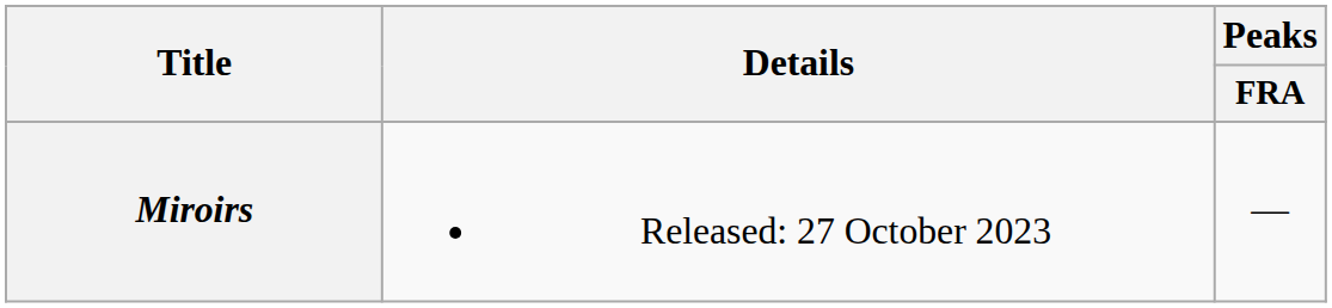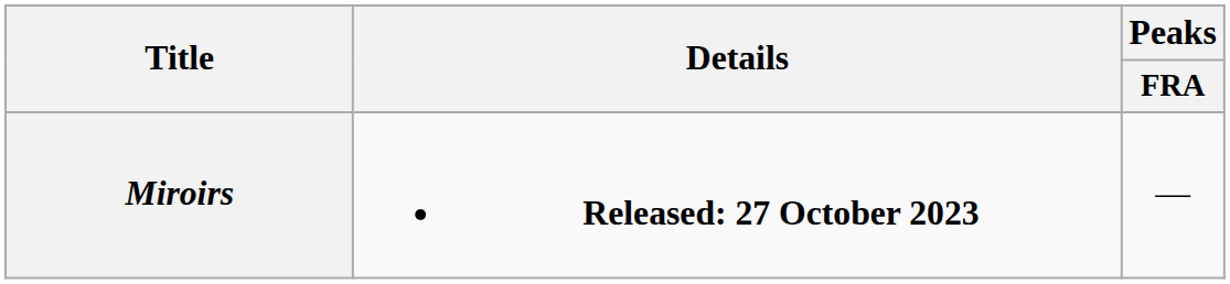 <table class="wikitable plainrowheaders" style="text-align:center">
 <tr>
 <th scope="col" rowspan="2" style="width:9.5em">Title</th>
 <th scope="col" rowspan="2" style="width:21.5em">Details</th>
 <th scope="col">Peaks</th>
 </tr>
 <tr>
 <th scope="col" style="width:2.5em;font-size:90%">FRA</th>
 </tr>
 <tr>
 <th scope="row"><em>Miroirs</em></th>
-<td><br><ul><li>Released: 27 October 2023</li></ul></td>
+<td><strong><br><ul><li>Released: 27 October 2023</li></ul></strong></td>
 <td>—</td>
 </tr>
 </table>
